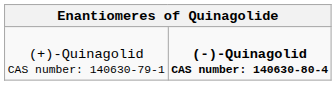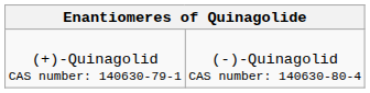 <table class="wikitable" style="text-align:center">
 <tr class="hintergrundfarbe6">
 <th colspan="2">Enantiomeres of Quinagolide</th>
 </tr>
 <tr>
 <td><br>(+)-Quinagolid<br><small>CAS number: 140630-79-1</small></td>
-<td><strong><br>(-)-Quinagolid<br><small>CAS number: 140630-80-4</small></strong></td>
+<td><br>(-)-Quinagolid<br><small>CAS number: 140630-80-4</small></td>
 </tr>
 </table>
